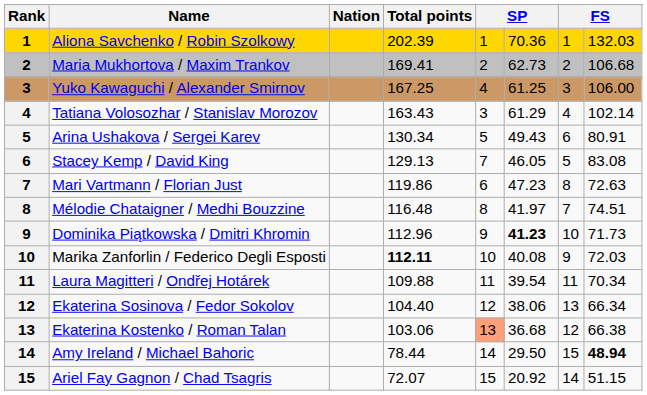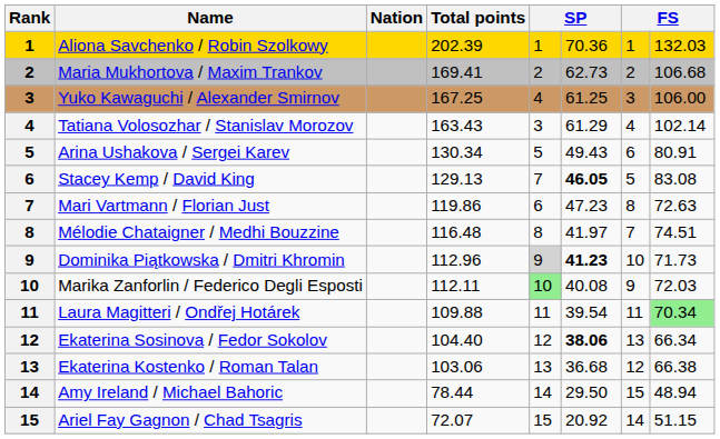 <table class="wikitable">
 <tr>
 <th>Rank</th>
 <th>Name</th>
 <th>Nation</th>
 <th>Total points</th>
 <th colspan="2" width="80px"><a href='#'>SP</a></th>
 <th colspan="2" width="80px"><a href='#'>FS</a></th>
 </tr>
 <tr bgcolor="gold">
 <td align="center"><strong>1</strong></td>
 <td><a href='#'>Aliona Savchenko</a> / <a href='#'>Robin Szolkowy</a></td>
 <td></td>
 <td>202.39</td>
 <td>1</td>
 <td>70.36</td>
 <td>1</td>
 <td>132.03</td>
 </tr>
 <tr bgcolor="silver">
 <td align="center"><strong>2</strong></td>
 <td><a href='#'>Maria Mukhortova</a> / <a href='#'>Maxim Trankov</a></td>
 <td></td>
 <td>169.41</td>
 <td>2</td>
 <td>62.73</td>
 <td>2</td>
 <td>106.68</td>
 </tr>
 <tr bgcolor="cc9966">
 <td align="center"><strong>3</strong></td>
 <td><a href='#'>Yuko Kawaguchi</a> / <a href='#'>Alexander Smirnov</a></td>
 <td></td>
 <td>167.25</td>
 <td>4</td>
 <td>61.25</td>
 <td>3</td>
 <td>106.00</td>
 </tr>
 <tr>
 <th>4</th>
 <td><a href='#'>Tatiana Volosozhar</a> / <a href='#'>Stanislav Morozov</a></td>
 <td></td>
 <td>163.43</td>
 <td>3</td>
 <td>61.29</td>
 <td>4</td>
 <td>102.14</td>
 </tr>
 <tr>
 <th>5</th>
 <td><a href='#'>Arina Ushakova</a> / <a href='#'>Sergei Karev</a></td>
 <td></td>
 <td>130.34</td>
 <td>5</td>
 <td>49.43</td>
 <td>6</td>
 <td>80.91</td>
 </tr>
 <tr>
 <th>6</th>
 <td><a href='#'>Stacey Kemp</a> / <a href='#'>David King</a></td>
 <td></td>
 <td>129.13</td>
 <td>7</td>
-<td>46.05</td>
+<td><strong>46.05</strong></td>
 <td>5</td>
 <td>83.08</td>
 </tr>
 <tr>
 <th>7</th>
 <td><a href='#'>Mari Vartmann</a> / <a href='#'>Florian Just</a></td>
 <td></td>
 <td>119.86</td>
 <td>6</td>
 <td>47.23</td>
 <td>8</td>
 <td>72.63</td>
 </tr>
 <tr>
 <th>8</th>
 <td><a href='#'>Mélodie Chataigner</a> / <a href='#'>Medhi Bouzzine</a></td>
 <td></td>
 <td>116.48</td>
 <td>8</td>
 <td>41.97</td>
 <td>7</td>
 <td>74.51</td>
 </tr>
 <tr>
 <th>9</th>
 <td><a href='#'>Dominika Piątkowska</a> / <a href='#'>Dmitri Khromin</a></td>
 <td></td>
 <td>112.96</td>
-<td>9</td>
+<td style="background: lightgrey;">9</td>
 <td><strong>41.23</strong></td>
 <td>10</td>
 <td>71.73</td>
 </tr>
 <tr>
 <th>10</th>
 <td>Marika Zanforlin / Federico Degli Esposti</td>
 <td></td>
-<td><strong>112.11</strong></td>
-<td>10</td>
+<td>112.11</td>
+<td style="background: lightgreen;">10</td>
 <td>40.08</td>
 <td>9</td>
 <td>72.03</td>
 </tr>
 <tr>
 <th>11</th>
 <td><a href='#'>Laura Magitteri</a> / <a href='#'>Ondřej Hotárek</a></td>
 <td></td>
 <td>109.88</td>
 <td>11</td>
 <td>39.54</td>
 <td>11</td>
-<td>70.34</td>
+<td style="background: lightgreen;">70.34</td>
 </tr>
 <tr>
 <th>12</th>
 <td><a href='#'>Ekaterina Sosinova</a> / <a href='#'>Fedor Sokolov</a></td>
 <td></td>
 <td>104.40</td>
 <td>12</td>
-<td>38.06</td>
+<td><strong>38.06</strong></td>
 <td>13</td>
 <td>66.34</td>
 </tr>
 <tr>
 <th>13</th>
 <td><a href='#'>Ekaterina Kostenko</a> / <a href='#'>Roman Talan</a></td>
 <td></td>
 <td>103.06</td>
-<td style="background: lightsalmon;">13</td>
+<td>13</td>
 <td>36.68</td>
 <td>12</td>
 <td>66.38</td>
 </tr>
 <tr>
 <th>14</th>
 <td><a href='#'>Amy Ireland</a> / <a href='#'>Michael Bahoric</a></td>
 <td></td>
 <td>78.44</td>
 <td>14</td>
 <td>29.50</td>
 <td>15</td>
-<td><strong>48.94</strong></td>
+<td>48.94</td>
 </tr>
 <tr>
 <th>15</th>
 <td><a href='#'>Ariel Fay Gagnon</a> / <a href='#'>Chad Tsagris</a></td>
 <td></td>
 <td>72.07</td>
 <td>15</td>
 <td>20.92</td>
 <td>14</td>
 <td>51.15</td>
 </tr>
 </table>
